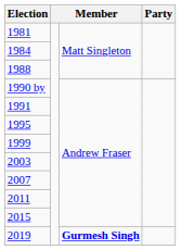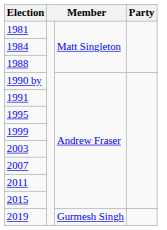 <table class="wikitable">
 <tr>
 <th>Election</th>
 <th colspan="2">Member</th>
 <th>Party</th>
 </tr>
 <tr>
 <td><a href='#'>1981</a></td>
 <td rowspan="12" > </td>
 <td rowspan="3"><a href='#'>Matt Singleton</a></td>
 <td rowspan="3"></td>
 </tr>
 <tr>
 <td><a href='#'>1984</a></td>
 </tr>
 <tr>
 <td><a href='#'>1988</a></td>
 </tr>
 <tr>
 <td><a href='#'>1990 by</a></td>
 <td rowspan="8"><a href='#'>Andrew Fraser</a></td>
 <td rowspan="8"></td>
 </tr>
 <tr>
 <td><a href='#'>1991</a></td>
 </tr>
 <tr>
 <td><a href='#'>1995</a></td>
 </tr>
 <tr>
 <td><a href='#'>1999</a></td>
 </tr>
 <tr>
 <td><a href='#'>2003</a></td>
 </tr>
 <tr>
 <td><a href='#'>2007</a></td>
 </tr>
 <tr>
 <td><a href='#'>2011</a></td>
 </tr>
 <tr>
 <td><a href='#'>2015</a></td>
 </tr>
 <tr>
 <td><a href='#'>2019</a></td>
-<td><strong><a href='#'>Gurmesh Singh</a></strong></td>
+<td><a href='#'>Gurmesh Singh</a></td>
 <td></td>
 </tr>
 </table>
